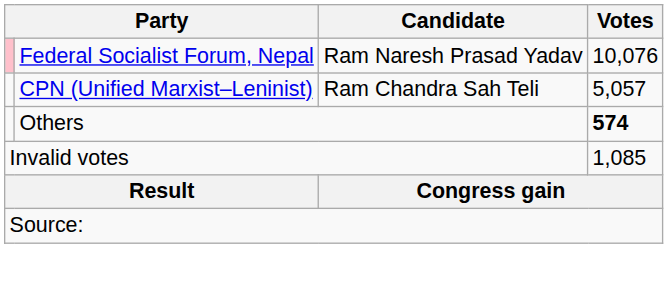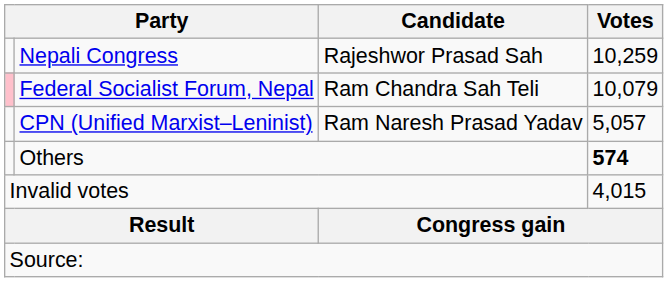 <table class="wikitable">
 <tr>
 <th colspan="2">Party</th>
 <th>Candidate</th>
 <th>Votes</th>
 </tr>
 <tr>
+<td style="background-color:"></td>
+<td><a href='#'>Nepali Congress</a></td>
+<td>Rajeshwor Prasad Sah</td>
+<td>10,259</td>
+</tr>
+<tr>
 <td style="background-color:#ffc0cb"></td>
 <td><a href='#'>Federal Socialist Forum, Nepal</a></td>
-<td>Ram Naresh Prasad Yadav</td>
-<td>10,076</td>
+<td>Ram Chandra Sah Teli</td>
+<td>10,079</td>
 </tr>
 <tr>
 <td style="background-color:"></td>
 <td><a href='#'>CPN (Unified Marxist–Leninist)</a></td>
-<td>Ram Chandra Sah Teli</td>
+<td>Ram Naresh Prasad Yadav</td>
 <td>5,057</td>
 </tr>
 <tr>
 <td></td>
 <td colspan="2">Others</td>
 <td><strong>574</strong></td>
 </tr>
 <tr>
 <td colspan="3">Invalid votes</td>
-<td>1,085</td>
+<td>4,015</td>
 </tr>
 <tr>
 <th colspan="2">Result</th>
 <th colspan="2">Congress gain</th>
 </tr>
 <tr>
 <td colspan="4">Source: </td>
 </tr>
 </table>
